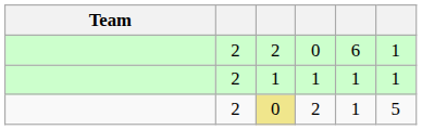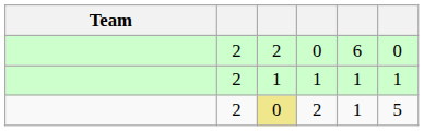 <table class="wikitable" style="text-align: center; font-size:90% ">
 <tr>
 <th width=160>Team</th>
 <th width=25></th>
 <th width=25></th>
 <th width=25></th>
 <th width=25></th>
 <th width=25></th>
 </tr>
 <tr bgcolor=ccffcc>
 <td align=left></td>
 <td>2</td>
 <td>2</td>
 <td>0</td>
 <td>6</td>
-<td>1</td>
+<td>0</td>
 </tr>
 <tr bgcolor=ccffcc>
 <td align=left></td>
 <td>2</td>
 <td>1</td>
 <td>1</td>
 <td>1</td>
 <td>1</td>
 </tr>
 <tr>
 <td align=left></td>
 <td>2</td>
 <td style="background: khaki;">0</td>
 <td>2</td>
 <td>1</td>
 <td>5</td>
 </tr>
 </table>
